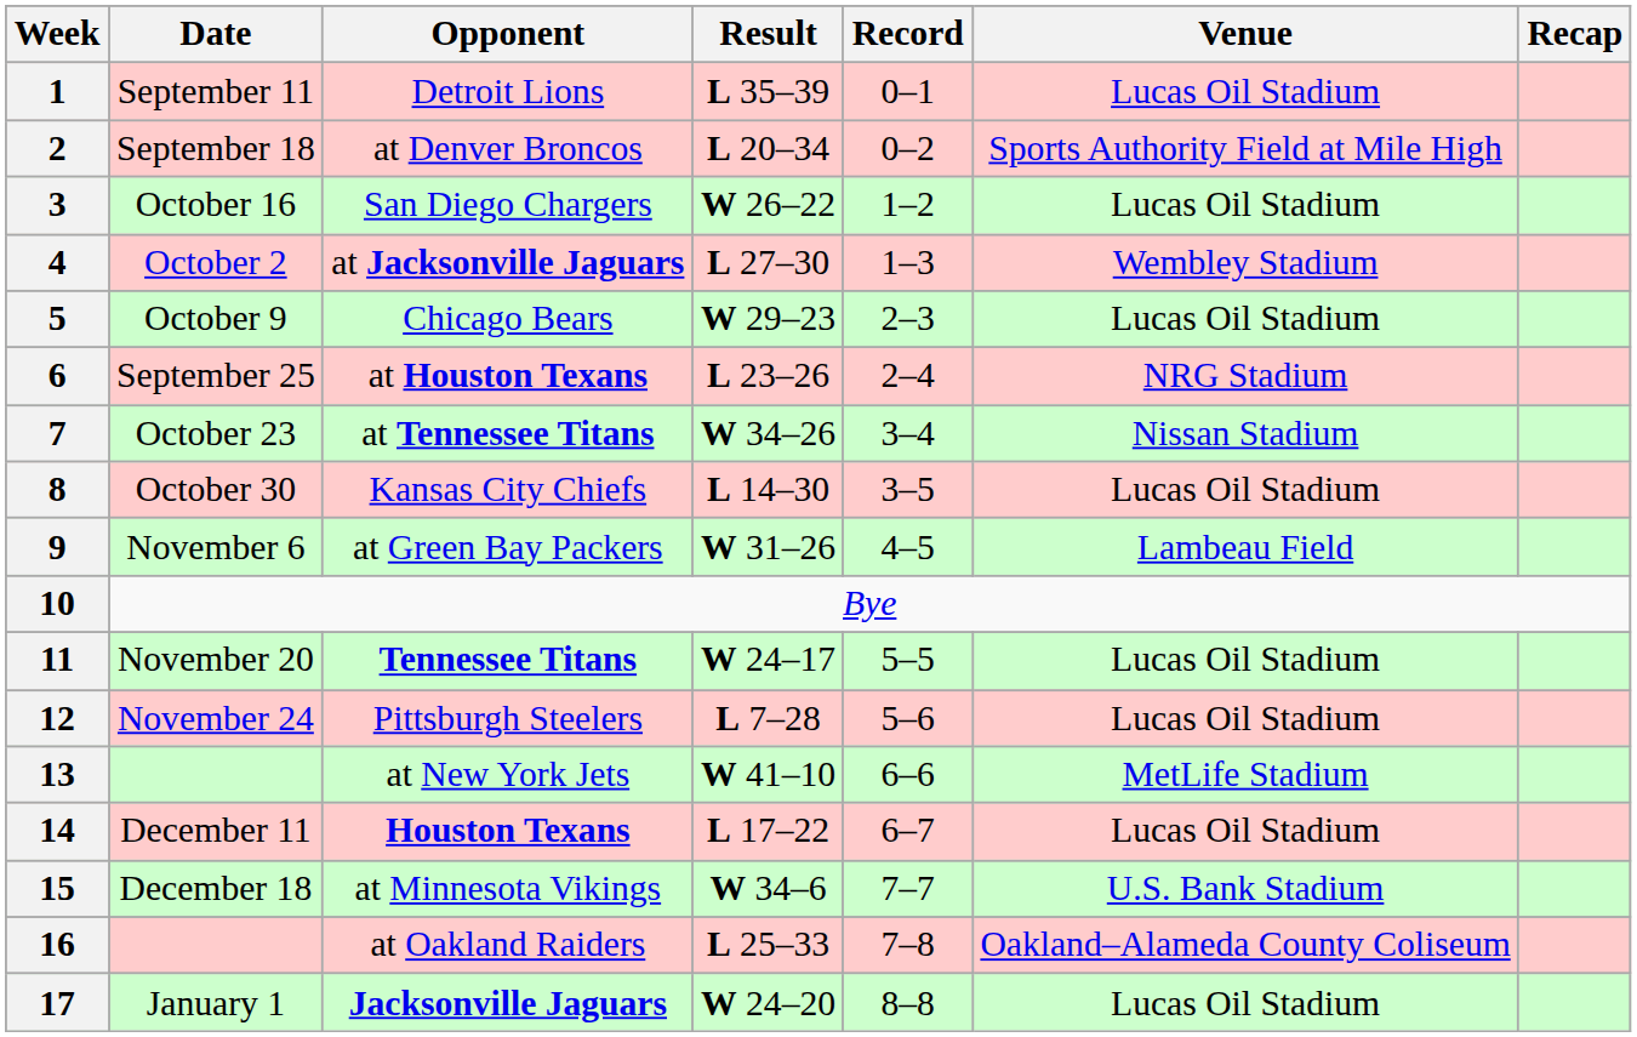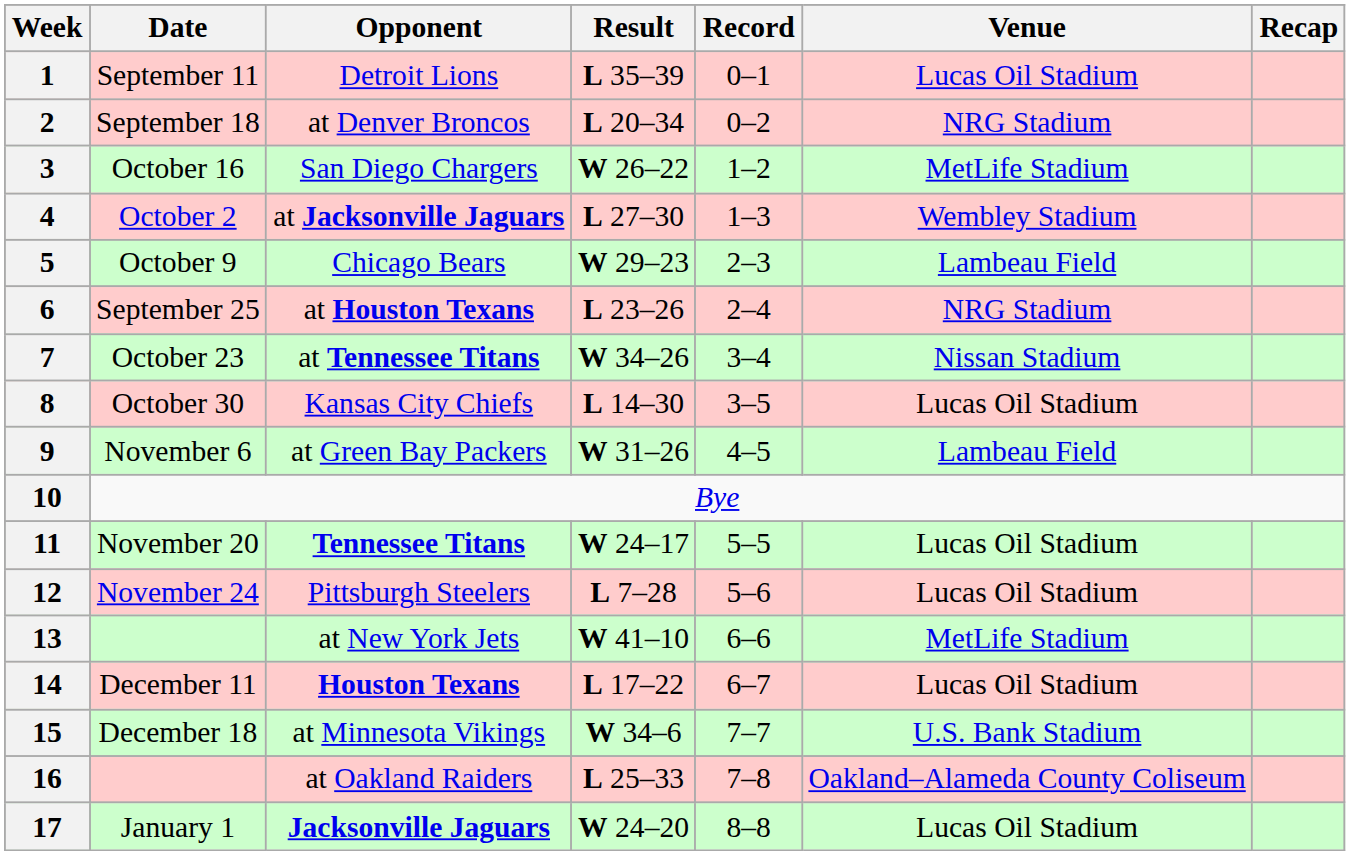 <table class="wikitable" style="text-align:center">
 <tr>
 <th>Week</th>
 <th>Date</th>
 <th>Opponent</th>
 <th>Result</th>
 <th>Record</th>
 <th>Venue</th>
 <th>Recap</th>
 </tr>
 <tr style="background:#fcc">
 <th>1</th>
 <td>September 11</td>
 <td><a href='#'>Detroit Lions</a></td>
 <td><strong>L</strong> 35–39</td>
 <td>0–1</td>
 <td><a href='#'>Lucas Oil Stadium</a></td>
 <td></td>
 </tr>
 <tr style="background:#fcc">
 <th>2</th>
 <td>September 18</td>
 <td>at <a href='#'>Denver Broncos</a></td>
 <td><strong>L</strong> 20–34</td>
 <td>0–2</td>
-<td><a href='#'>Sports Authority Field at Mile High</a></td>
+<td><a href='#'>NRG Stadium</a></td>
 <td></td>
 </tr>
 <tr style="background:#cfc">
 <th>3</th>
 <td>October 16</td>
 <td><a href='#'>San Diego Chargers</a></td>
 <td><strong>W</strong> 26–22</td>
 <td>1–2</td>
-<td>Lucas Oil Stadium</td>
+<td><a href='#'>MetLife Stadium</a></td>
 <td></td>
 </tr>
 <tr style="background:#fcc">
 <th>4</th>
 <td><a href='#'>October 2</a></td>
 <td>at <strong><a href='#'>Jacksonville Jaguars</a></strong></td>
 <td><strong>L</strong> 27–30</td>
 <td>1–3</td>
 <td> <a href='#'>Wembley Stadium</a> </td>
 <td></td>
 </tr>
 <tr style="background:#cfc">
 <th>5</th>
 <td>October 9</td>
 <td><a href='#'>Chicago Bears</a></td>
 <td><strong>W</strong> 29–23</td>
 <td>2–3</td>
-<td>Lucas Oil Stadium</td>
+<td><a href='#'>Lambeau Field</a></td>
 <td></td>
 </tr>
 <tr style="background:#fcc">
 <th>6</th>
 <td>September 25</td>
 <td>at <strong><a href='#'>Houston Texans</a></strong></td>
 <td><strong>L</strong> 23–26 </td>
 <td>2–4</td>
 <td><a href='#'>NRG Stadium</a></td>
 <td></td>
 </tr>
 <tr style="background:#cfc">
 <th>7</th>
 <td>October 23</td>
 <td>at <strong><a href='#'>Tennessee Titans</a></strong></td>
 <td><strong>W</strong> 34–26</td>
 <td>3–4</td>
 <td><a href='#'>Nissan Stadium</a></td>
 <td></td>
 </tr>
 <tr style="background:#fcc">
 <th>8</th>
 <td>October 30</td>
 <td><a href='#'>Kansas City Chiefs</a></td>
 <td><strong>L</strong> 14–30</td>
 <td>3–5</td>
 <td>Lucas Oil Stadium</td>
 <td></td>
 </tr>
 <tr style="background:#cfc">
 <th>9</th>
 <td>November 6</td>
 <td>at <a href='#'>Green Bay Packers</a></td>
 <td><strong>W</strong> 31–26</td>
 <td>4–5</td>
 <td><a href='#'>Lambeau Field</a></td>
 <td></td>
 </tr>
 <tr>
 <th>10</th>
 <td colspan="6"><em><a href='#'>Bye</a></em></td>
 </tr>
 <tr style="background:#cfc">
 <th>11</th>
 <td>November 20</td>
 <td><strong><a href='#'>Tennessee Titans</a></strong></td>
 <td><strong>W</strong> 24–17</td>
 <td>5–5</td>
 <td>Lucas Oil Stadium</td>
 <td></td>
 </tr>
 <tr style="background:#fcc">
 <th>12</th>
 <td><a href='#'>November 24</a></td>
 <td><a href='#'>Pittsburgh Steelers</a></td>
 <td><strong>L</strong> 7–28</td>
 <td>5–6</td>
 <td>Lucas Oil Stadium</td>
 <td></td>
 </tr>
 <tr style="background:#cfc">
 <th>13</th>
 <td></td>
 <td>at <a href='#'>New York Jets</a></td>
 <td><strong>W</strong> 41–10</td>
 <td>6–6</td>
 <td><a href='#'>MetLife Stadium</a></td>
 <td></td>
 </tr>
 <tr style="background:#fcc">
 <th>14</th>
 <td>December 11</td>
 <td><strong><a href='#'>Houston Texans</a></strong></td>
 <td><strong>L</strong> 17–22</td>
 <td>6–7</td>
 <td>Lucas Oil Stadium</td>
 <td></td>
 </tr>
 <tr style="background:#cfc">
 <th>15</th>
 <td>December 18</td>
 <td>at <a href='#'>Minnesota Vikings</a></td>
 <td><strong>W</strong> 34–6</td>
 <td>7–7</td>
 <td><a href='#'>U.S. Bank Stadium</a></td>
 <td></td>
 </tr>
 <tr style="background:#fcc">
 <th>16</th>
 <td></td>
 <td>at <a href='#'>Oakland Raiders</a></td>
 <td><strong>L</strong> 25–33</td>
 <td>7–8</td>
 <td><a href='#'>Oakland–Alameda County Coliseum</a></td>
 <td></td>
 </tr>
 <tr style="background:#cfc">
 <th>17</th>
 <td>January 1</td>
 <td><strong><a href='#'>Jacksonville Jaguars</a></strong></td>
 <td><strong>W</strong> 24–20</td>
 <td>8–8</td>
 <td>Lucas Oil Stadium</td>
 <td></td>
 </tr>
 </table>
